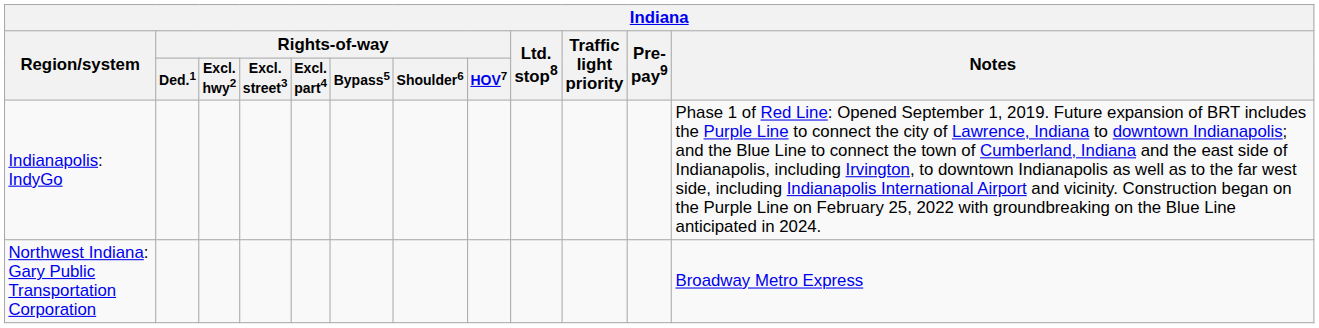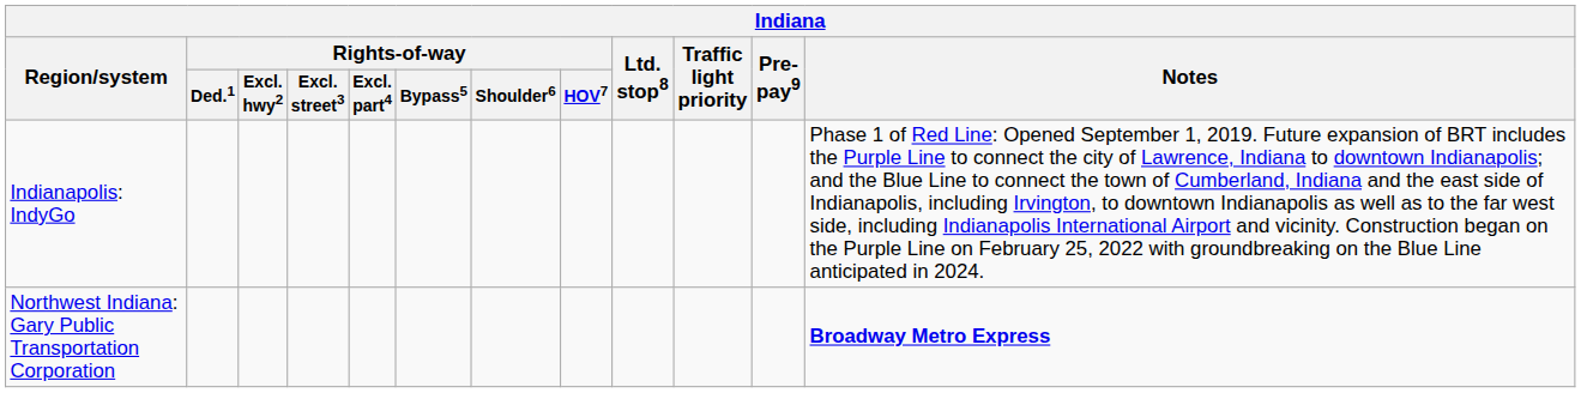 <table class="wikitable">
 <tr>
 <th colspan="12"><a href='#'>Indiana</a></th>
 </tr>
 <tr>
 <th rowspan="2">Region/system</th>
 <th colspan="7">Rights-of-way</th>
 <th rowspan="2">Ltd.<br>stop<sup>8</sup></th>
 <th rowspan="2">Traffic<br>light<br>priority</th>
 <th rowspan="2">Pre-<br>pay<sup>9</sup></th>
 <th rowspan="2">Notes</th>
 </tr>
 <tr style="font-size: smaller">
 <th>Ded.<sup>1</sup></th>
 <th>Excl.<br>hwy<sup>2</sup></th>
 <th>Excl.<br>street<sup>3</sup></th>
 <th>Excl.<br>part<sup>4</sup></th>
 <th>Bypass<sup>5</sup></th>
 <th>Shoulder<sup>6</sup></th>
 <th><a href='#'>HOV</a><sup>7</sup></th>
 </tr>
 <tr>
 <td><a href='#'>Indianapolis</a>:<br><a href='#'>IndyGo</a></td>
 <td></td>
 <td></td>
 <td></td>
 <td></td>
 <td></td>
 <td></td>
 <td></td>
 <td></td>
 <td></td>
 <td></td>
 <td>Phase 1 of <a href='#'>Red Line</a>: Opened September 1, 2019. Future expansion of BRT includes the <a href='#'>Purple Line</a> to connect the city of <a href='#'>Lawrence, Indiana</a> to <a href='#'>downtown Indianapolis</a>; and the Blue Line to connect the town of <a href='#'>Cumberland, Indiana</a> and the east side of Indianapolis, including <a href='#'>Irvington</a>, to downtown Indianapolis as well as to the far west side, including <a href='#'>Indianapolis International Airport</a> and vicinity. Construction began on the Purple Line on February 25, 2022 with groundbreaking on the Blue Line anticipated in 2024.</td>
 </tr>
 <tr>
 <td><a href='#'>Northwest Indiana</a>:<br><a href='#'>Gary Public Transportation Corporation</a></td>
 <td></td>
 <td></td>
 <td></td>
 <td></td>
 <td></td>
 <td></td>
 <td></td>
 <td></td>
 <td></td>
 <td></td>
-<td><a href='#'>Broadway Metro Express</a></td>
+<td><strong><a href='#'>Broadway Metro Express</a></strong></td>
 </tr>
 </table>
